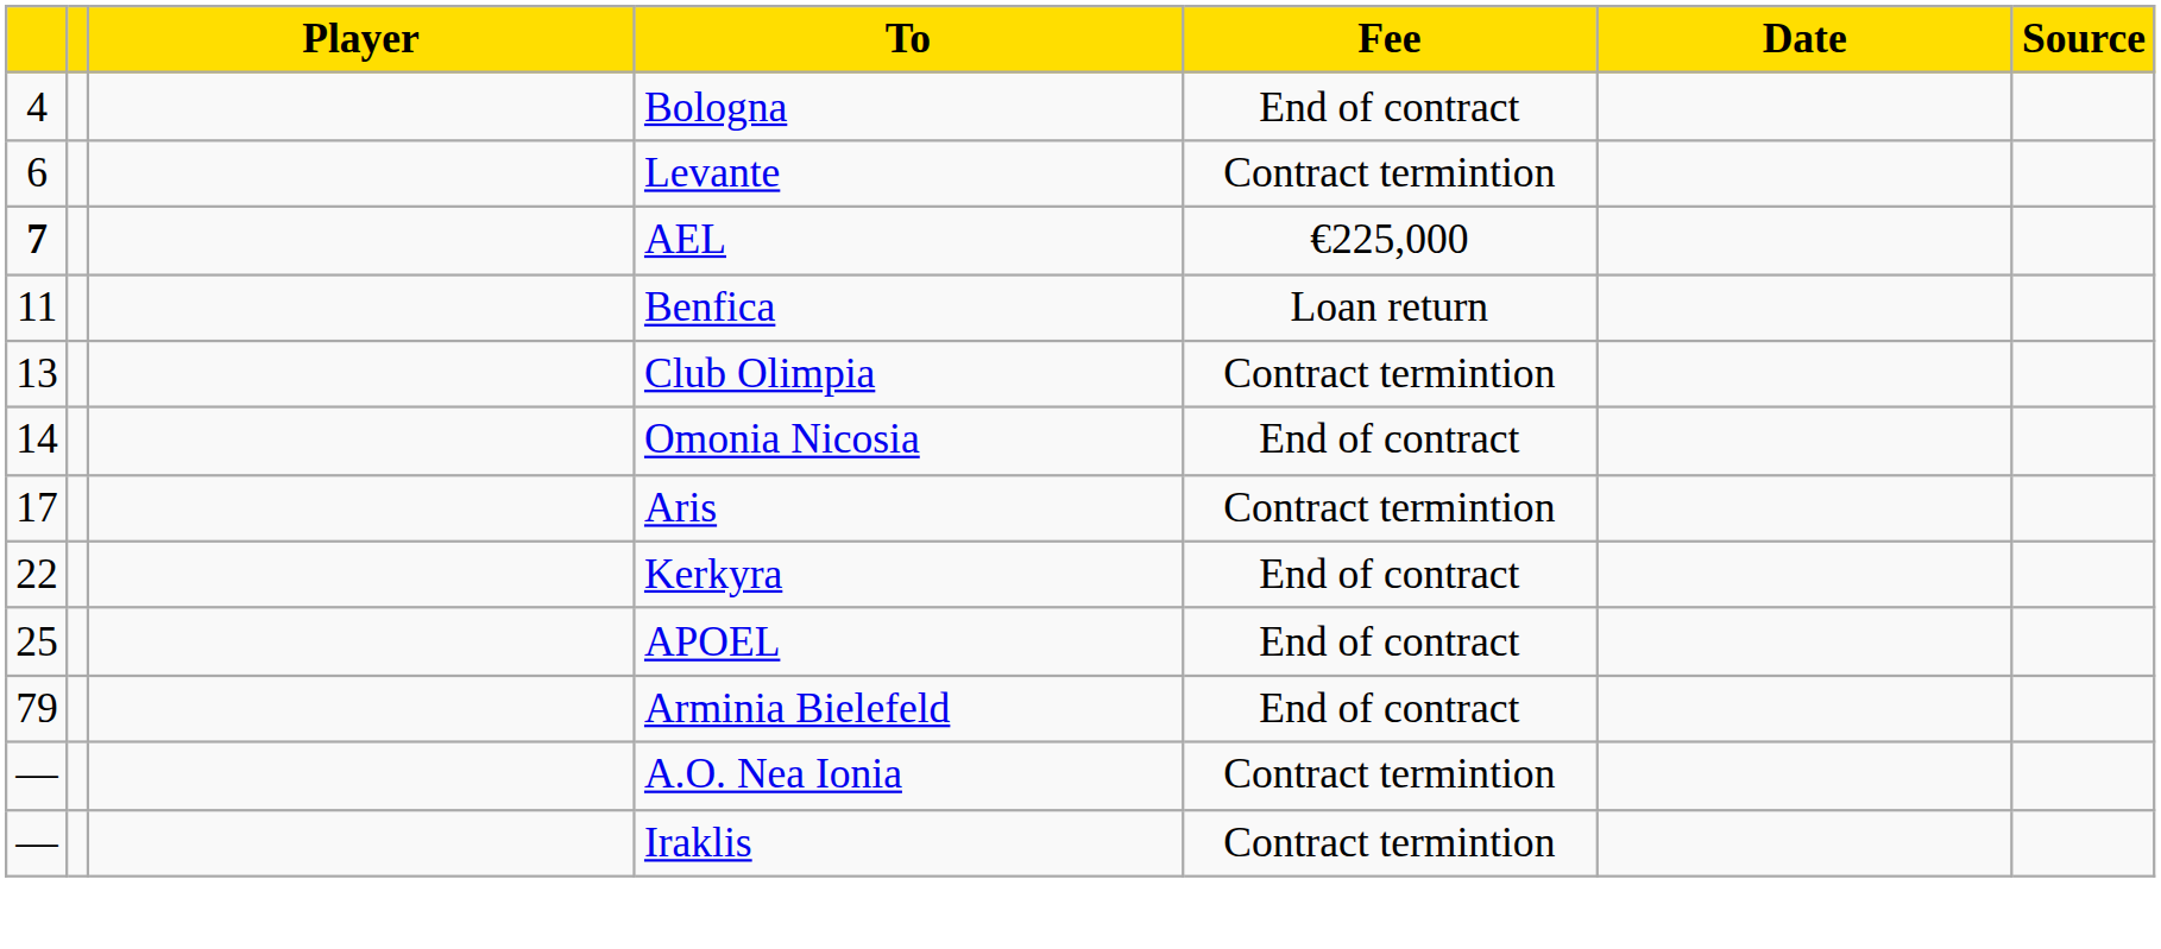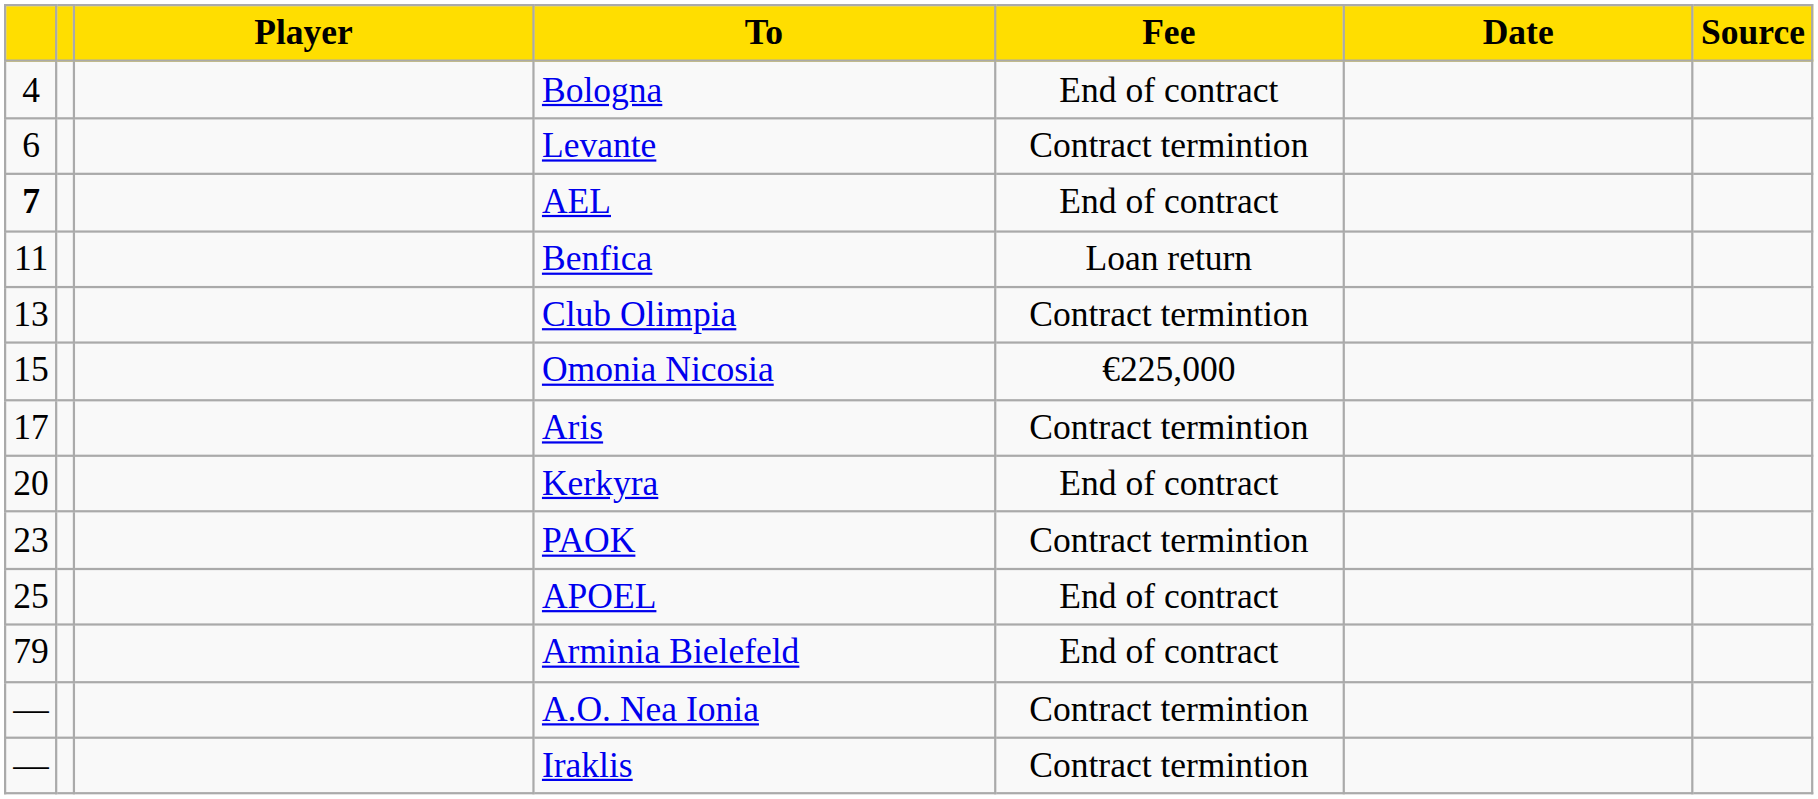 <table class="wikitable sortable">
 <tr>
 <th style="background:#FFDE00"></th>
 <th style="background:#FFDE00"></th>
 <th width=200 style="background:#FFDE00">Player</th>
 <th width=200 style="background:#FFDE00">To</th>
 <th width=150 style="background:#FFDE00">Fee</th>
 <th width=150 style="background:#FFDE00">Date</th>
 <th style="background:#FFDE00">Source</th>
 </tr>
 <tr>
 <td align=center>4</td>
 <td align=center></td>
 <td></td>
 <td> <a href='#'>Bologna</a></td>
 <td align=center>End of contract</td>
 <td align=center></td>
 <td align=center></td>
 </tr>
 <tr>
 <td align=center>6</td>
 <td align=center></td>
 <td></td>
 <td> <a href='#'>Levante</a></td>
 <td align=center>Contract termintion</td>
 <td align=center></td>
 <td align=center></td>
 </tr>
 <tr>
 <td align=center><strong>7</strong></td>
 <td align=center></td>
 <td></td>
 <td> <a href='#'>AEL</a></td>
-<td align=center>€225,000</td>
+<td align=center>End of contract</td>
 <td align=center></td>
 <td align=center></td>
 </tr>
 <tr>
 <td align=center>11</td>
 <td align=center></td>
 <td></td>
 <td> <a href='#'>Benfica</a></td>
 <td align=center>Loan return</td>
 <td align=center></td>
 <td align=center></td>
 </tr>
 <tr>
 <td align=center>13</td>
 <td align=center></td>
 <td></td>
 <td> <a href='#'>Club Olimpia</a></td>
 <td align=center>Contract termintion</td>
 <td align=center></td>
 <td align=center></td>
 </tr>
 <tr>
-<td align=center>14</td>
+<td align=center>15</td>
 <td align=center></td>
 <td></td>
 <td> <a href='#'>Omonia Nicosia</a></td>
-<td align=center>End of contract</td>
+<td align=center>€225,000</td>
 <td align=center></td>
 <td align=center></td>
 </tr>
 <tr>
 <td align=center>17</td>
 <td align=center></td>
 <td></td>
 <td> <a href='#'>Aris</a></td>
 <td align=center>Contract termintion</td>
 <td align=center></td>
 <td align=center></td>
 </tr>
 <tr>
-<td align=center>22</td>
+<td align=center>20</td>
 <td align=center></td>
 <td></td>
 <td> <a href='#'>Kerkyra</a></td>
 <td align=center>End of contract</td>
+<td align=center></td>
+<td align=center></td>
+</tr>
+<tr>
+<td align=center>23</td>
+<td align=center></td>
+<td></td>
+<td> <a href='#'>PAOK</a></td>
+<td align=center>Contract termintion</td>
 <td align=center></td>
 <td align=center></td>
 </tr>
 <tr>
 <td align=center>25</td>
 <td align=center></td>
 <td></td>
 <td> <a href='#'>APOEL</a></td>
 <td align=center>End of contract</td>
 <td align=center></td>
 <td align=center></td>
 </tr>
 <tr>
 <td align=center>79</td>
 <td align=center></td>
 <td></td>
 <td> <a href='#'>Arminia Bielefeld</a></td>
 <td align=center>End of contract</td>
 <td align=center></td>
 <td align=center></td>
 </tr>
 <tr>
 <td align=center>—</td>
 <td align=center></td>
 <td></td>
 <td> <a href='#'>A.O. Nea Ionia</a></td>
 <td align=center>Contract termintion</td>
 <td align=center></td>
 <td align=center></td>
 </tr>
 <tr>
 <td align=center>—</td>
 <td align=center></td>
 <td></td>
 <td> <a href='#'>Iraklis</a></td>
 <td align=center>Contract termintion</td>
 <td align=center></td>
 <td align=center></td>
 </tr>
 </table>
